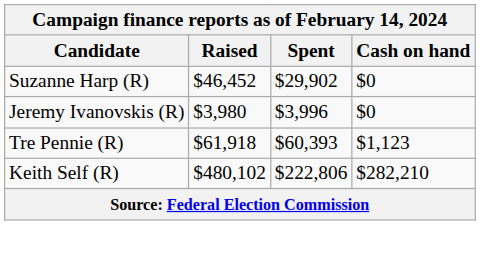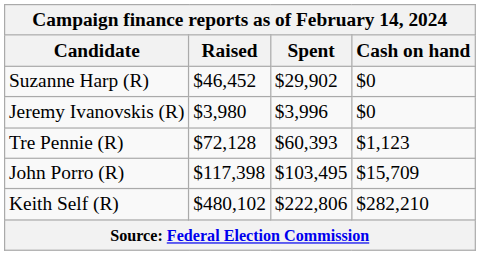 <table class="wikitable sortable">
 <tr>
 <th colspan=4>Campaign finance reports as of February 14, 2024</th>
 </tr>
 <tr style="text-align:center;">
 <th>Candidate</th>
 <th>Raised</th>
 <th>Spent</th>
 <th>Cash on hand</th>
 </tr>
 <tr>
 <td style="background-color:">Suzanne Harp (R)</td>
 <td>$46,452</td>
 <td>$29,902</td>
 <td>$0</td>
 </tr>
 <tr>
 <td style="background-color:">Jeremy Ivanovskis (R)</td>
 <td>$3,980</td>
 <td>$3,996</td>
 <td>$0</td>
 </tr>
 <tr>
 <td style="background-color:">Tre Pennie (R)</td>
-<td>$61,918</td>
+<td>$72,128</td>
 <td>$60,393</td>
 <td>$1,123</td>
+</tr>
+<tr>
+<td style="background-color:">John Porro (R)</td>
+<td>$117,398</td>
+<td>$103,495</td>
+<td>$15,709</td>
 </tr>
 <tr>
 <td style="background-color:">Keith Self (R)</td>
 <td>$480,102</td>
 <td>$222,806</td>
 <td>$282,210</td>
 </tr>
 <tr>
 <th colspan="4"><small>Source: <a href='#'>Federal Election Commission</a></small></th>
 </tr>
 </table>
